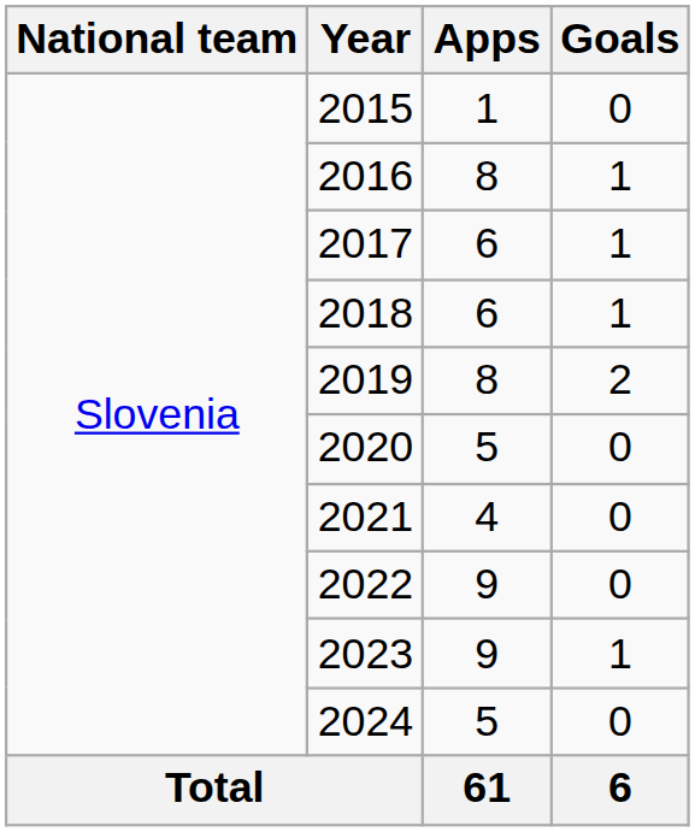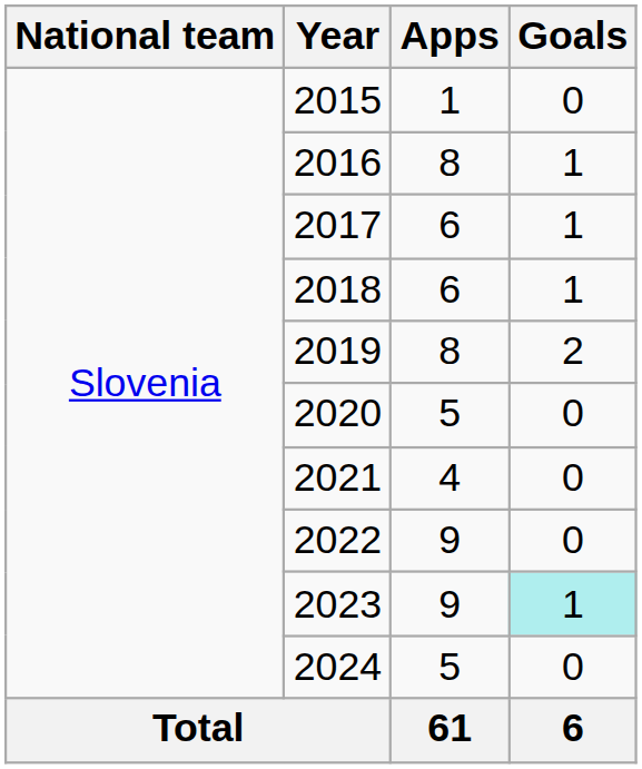 <table class="wikitable" style="text-align:center">
 <tr>
 <th>National team</th>
 <th>Year</th>
 <th>Apps</th>
 <th>Goals</th>
 </tr>
 <tr>
 <td rowspan="10"><a href='#'>Slovenia</a></td>
 <td>2015</td>
 <td>1</td>
 <td>0</td>
 </tr>
 <tr>
 <td>2016</td>
 <td>8</td>
 <td>1</td>
 </tr>
 <tr>
 <td>2017</td>
 <td>6</td>
 <td>1</td>
 </tr>
 <tr>
 <td>2018</td>
 <td>6</td>
 <td>1</td>
 </tr>
 <tr>
 <td>2019</td>
 <td>8</td>
 <td>2</td>
 </tr>
 <tr>
 <td>2020</td>
 <td>5</td>
 <td>0</td>
 </tr>
 <tr>
 <td>2021</td>
 <td>4</td>
 <td>0</td>
 </tr>
 <tr>
 <td>2022</td>
 <td>9</td>
 <td>0</td>
 </tr>
 <tr>
 <td>2023</td>
 <td>9</td>
-<td>1</td>
+<td style="background: paleturquoise;">1</td>
 </tr>
 <tr>
 <td>2024</td>
 <td>5</td>
 <td>0</td>
 </tr>
 <tr>
 <th colspan="2">Total</th>
 <th>61</th>
 <th>6</th>
 </tr>
 </table>
